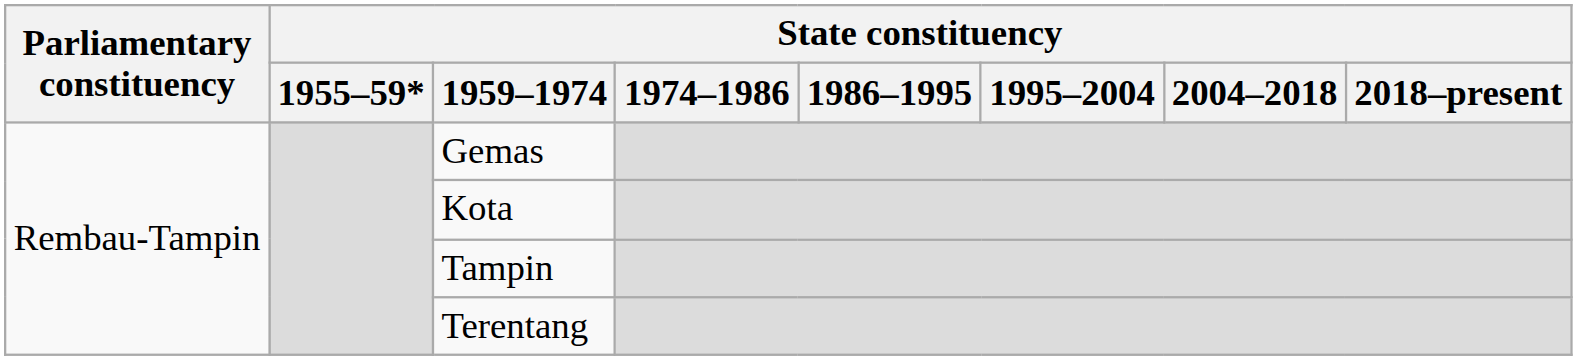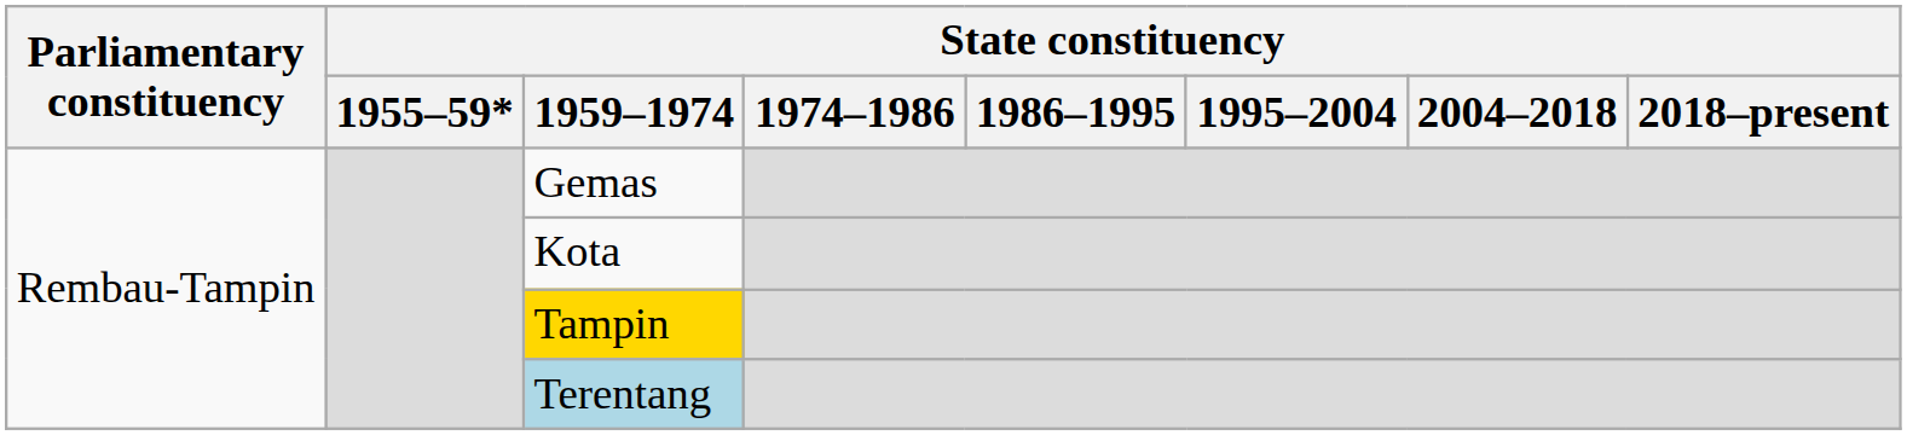 <table class="wikitable">
 <tr>
 <th rowspan="2">Parliamentary<br>constituency</th>
 <th colspan="7">State constituency</th>
 </tr>
 <tr>
 <th>1955–59*</th>
 <th>1959–1974</th>
 <th>1974–1986</th>
 <th>1986–1995</th>
 <th>1995–2004</th>
 <th>2004–2018</th>
 <th>2018–present</th>
 </tr>
 <tr>
 <td rowspan="4">Rembau-Tampin</td>
 <td rowspan="4" bgcolor="dcdcdc"></td>
 <td>Gemas</td>
 <td colspan="5" bgcolor="dcdcdc"></td>
 </tr>
 <tr>
 <td>Kota</td>
 <td colspan="5" bgcolor="dcdcdc"></td>
 </tr>
 <tr>
-<td>Tampin</td>
+<td style="background: gold;">Tampin</td>
 <td colspan="5" bgcolor="dcdcdc"></td>
 </tr>
 <tr>
-<td>Terentang</td>
+<td style="background: lightblue;">Terentang</td>
 <td colspan="5" bgcolor="dcdcdc"></td>
 </tr>
 </table>
